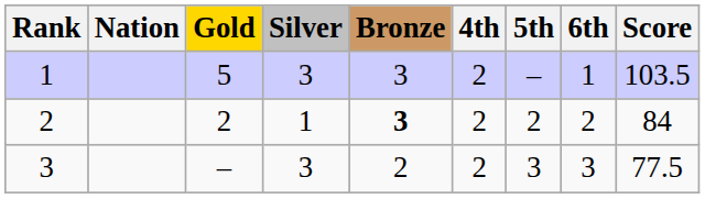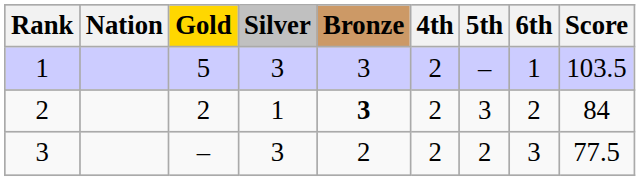 <table class="wikitable sortable" style="text-align:center">
 <tr>
 <th>Rank</th>
 <th>Nation</th>
 <td bgcolor="gold"><strong>Gold</strong></td>
 <td bgcolor="silver"><strong>Silver</strong></td>
 <td bgcolor=cc9966><strong>Bronze</strong></td>
 <th>4th</th>
 <th>5th</th>
 <th>6th</th>
 <th>Score</th>
 </tr>
 <tr style="background-color:#ccccff">
 <td>1</td>
 <td align=left></td>
 <td>5</td>
 <td>3</td>
 <td>3</td>
 <td>2</td>
 <td>–</td>
 <td>1</td>
 <td>103.5</td>
 </tr>
 <tr>
 <td>2</td>
 <td align=left></td>
 <td>2</td>
 <td>1</td>
 <td><strong>3</strong></td>
 <td>2</td>
-<td>2</td>
+<td>3</td>
 <td>2</td>
 <td>84</td>
 </tr>
 <tr>
 <td>3</td>
 <td align=left></td>
 <td>–</td>
 <td>3</td>
 <td>2</td>
 <td>2</td>
-<td>3</td>
+<td>2</td>
 <td>3</td>
 <td>77.5</td>
 </tr>
 </table>
